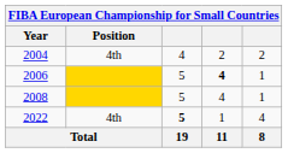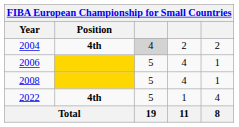 <table class="wikitable" style="text-align: center;font-size:90%;">
 <tr>
 <th colspan=5><a href='#'>FIBA European Championship for Small Countries</a></th>
 </tr>
 <tr>
 <th>Year</th>
 <th>Position</th>
 <th width=40></th>
 <th width=40></th>
 <th width=40></th>
 </tr>
 <tr>
 <td> <a href='#'>2004</a></td>
-<td>4th</td>
-<td>4</td>
+<td><strong>4th</strong></td>
+<td style="background: lightgrey;">4</td>
 <td>2</td>
 <td>2</td>
 </tr>
 <tr>
 <td> <a href='#'>2006</a></td>
 <td bgcolor=gold></td>
 <td>5</td>
-<td><strong>4</strong></td>
+<td>4</td>
 <td>1</td>
 </tr>
 <tr>
 <td> <a href='#'>2008</a></td>
 <td bgcolor=gold></td>
 <td>5</td>
 <td>4</td>
 <td>1</td>
 </tr>
 <tr>
 <td> <a href='#'>2022</a></td>
-<td>4th</td>
-<td><strong>5</strong></td>
+<td><strong>4th</strong></td>
+<td>5</td>
 <td>1</td>
 <td>4</td>
 </tr>
 <tr>
 <th colspan=2>Total</th>
 <th>19</th>
 <th>11</th>
 <th>8</th>
 </tr>
 </table>
